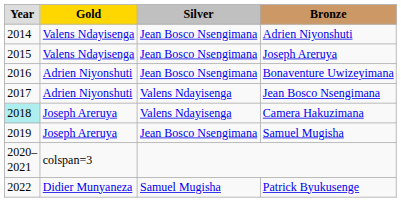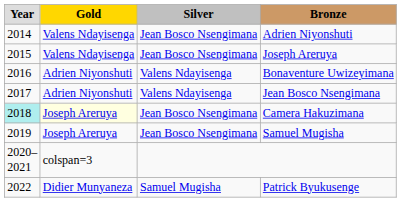 <table class="wikitable sortable" style="font-size:95%">
 <tr>
 <td style="background:#DDDDDD; font-weight:bold; text-align:center;">Year</td>
 <td style="background:gold; font-weight:bold; text-align:center;">Gold</td>
 <td style="background:silver; font-weight:bold; text-align:center;">Silver</td>
 <td style="background:#cc9966; font-weight:bold; text-align:center;">Bronze</td>
 </tr>
 <tr>
 <td>2014</td>
 <td><a href='#'>Valens Ndayisenga</a></td>
 <td><a href='#'>Jean Bosco Nsengimana</a></td>
 <td><a href='#'>Adrien Niyonshuti</a></td>
 </tr>
 <tr>
 <td>2015</td>
 <td><a href='#'>Valens Ndayisenga</a></td>
 <td><a href='#'>Jean Bosco Nsengimana</a></td>
 <td><a href='#'>Joseph Areruya</a></td>
 </tr>
 <tr>
 <td>2016</td>
 <td><a href='#'>Adrien Niyonshuti</a></td>
-<td><a href='#'>Jean Bosco Nsengimana</a></td>
+<td><a href='#'>Valens Ndayisenga</a></td>
 <td><a href='#'>Bonaventure Uwizeyimana</a></td>
 </tr>
 <tr>
 <td>2017</td>
 <td><a href='#'>Adrien Niyonshuti</a></td>
 <td><a href='#'>Valens Ndayisenga</a></td>
 <td><a href='#'>Jean Bosco Nsengimana</a></td>
 </tr>
 <tr>
 <td style="background: paleturquoise;">2018</td>
-<td><a href='#'>Joseph Areruya</a></td>
-<td><a href='#'>Valens Ndayisenga</a></td>
+<td style="background: lightyellow;"><a href='#'>Joseph Areruya</a></td>
+<td><a href='#'>Jean Bosco Nsengimana</a></td>
 <td><a href='#'>Camera Hakuzimana</a></td>
 </tr>
 <tr>
 <td>2019</td>
 <td><a href='#'>Joseph Areruya</a></td>
 <td><a href='#'>Jean Bosco Nsengimana</a></td>
 <td><a href='#'>Samuel Mugisha</a></td>
 </tr>
 <tr>
 <td>2020–<br>2021</td>
 <td>colspan=3 </td>
 </tr>
 <tr>
 <td>2022</td>
 <td><a href='#'>Didier Munyaneza</a></td>
 <td><a href='#'>Samuel Mugisha</a></td>
 <td><a href='#'>Patrick Byukusenge</a></td>
 </tr>
 </table>
